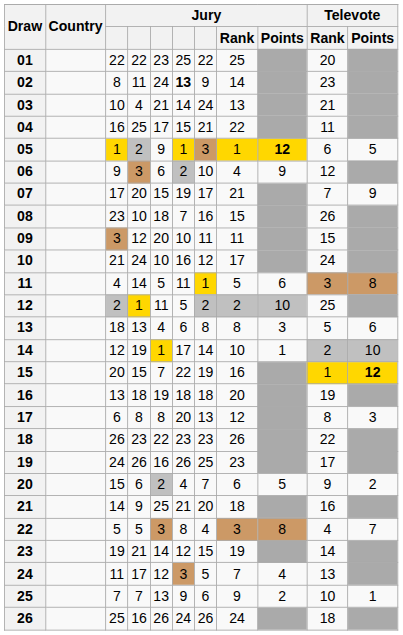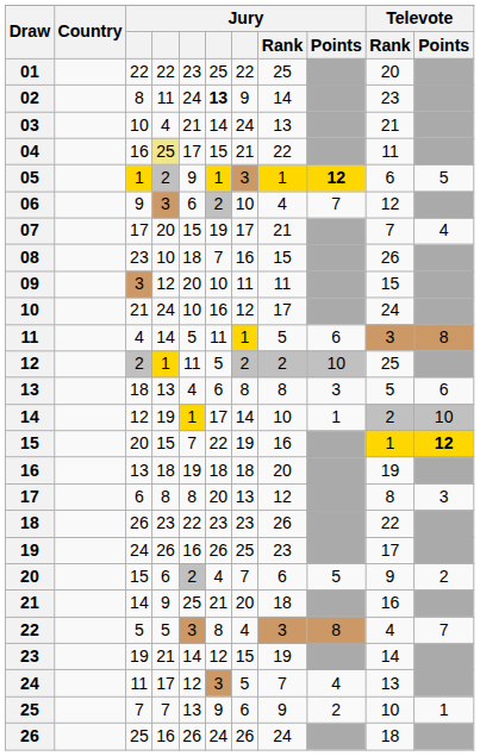 <table class="sortable wikitable collapsible plainrowheaders" style="text-align:center;">
 <tr>
 </tr>
 <tr>
 <th scope="col" rowspan="2">Draw</th>
 <th scope="col" rowspan="2">Country</th>
 <th scope="col" colspan="7">Jury</th>
 <th scope="col" colspan="2">Televote</th>
 </tr>
 <tr>
 <th scope="col"><small></small></th>
 <th scope="col"><small></small></th>
 <th scope="col"><small></small></th>
 <th scope="col"><small></small></th>
 <th scope="col"><small></small></th>
 <th scope="col">Rank</th>
 <th scope="col">Points</th>
 <th scope="col">Rank</th>
 <th scope="col">Points</th>
 </tr>
 <tr>
 <th scope="row" style="text-align:center;">01</th>
 <td style="text-align:left;"></td>
 <td>22</td>
 <td>22</td>
 <td>23</td>
 <td>25</td>
 <td>22</td>
 <td>25</td>
 <td style="background:#AAAAAA;"></td>
 <td>20</td>
 <td style="background:#AAAAAA;"></td>
 </tr>
 <tr>
 <th scope="row" style="text-align:center;">02</th>
 <td style="text-align:left;"></td>
 <td>8</td>
 <td>11</td>
 <td>24</td>
 <td><strong>13</strong></td>
 <td>9</td>
 <td>14</td>
 <td style="background:#AAAAAA;"></td>
 <td>23</td>
 <td style="background:#AAAAAA;"></td>
 </tr>
 <tr>
 <th scope="row" style="text-align:center;">03</th>
 <td style="text-align:left;"></td>
 <td>10</td>
 <td>4</td>
 <td>21</td>
 <td>14</td>
 <td>24</td>
 <td>13</td>
 <td style="background:#AAAAAA;"></td>
 <td>21</td>
 <td style="background:#AAAAAA;"></td>
 </tr>
 <tr>
 <th scope="row" style="text-align:center;">04</th>
 <td style="text-align:left;"></td>
 <td>16</td>
-<td>25</td>
+<td style="background: khaki;">25</td>
 <td>17</td>
 <td>15</td>
 <td>21</td>
 <td>22</td>
 <td style="background:#AAAAAA;"></td>
 <td>11</td>
 <td style="background:#AAAAAA;"></td>
 </tr>
 <tr>
 <th scope="row" style="text-align:center;">05</th>
 <td style="text-align:left;"></td>
 <td style="background:gold;">1</td>
 <td style="background:silver;">2</td>
 <td>9</td>
 <td style="background:gold;">1</td>
 <td style="background:#CC9966;">3</td>
 <td style="background:gold;">1</td>
 <td style="background:gold;"><strong>12</strong></td>
 <td>6</td>
 <td>5</td>
 </tr>
 <tr>
 <th scope="row" style="text-align:center;">06</th>
 <td style="text-align:left;"></td>
 <td>9</td>
 <td style="background:#CC9966;">3</td>
 <td>6</td>
 <td style="background:silver;">2</td>
 <td>10</td>
 <td>4</td>
-<td>9</td>
+<td>7</td>
 <td>12</td>
 <td style="background:#AAAAAA;"></td>
 </tr>
 <tr>
 <th scope="row" style="text-align:center;">07</th>
 <td style="text-align:left;"></td>
 <td>17</td>
 <td>20</td>
 <td>15</td>
 <td>19</td>
 <td>17</td>
 <td>21</td>
 <td style="background:#AAAAAA;"></td>
 <td>7</td>
-<td>9</td>
+<td>4</td>
 </tr>
 <tr>
 <th scope="row" style="text-align:center;">08</th>
 <td style="text-align:left;"></td>
 <td>23</td>
 <td>10</td>
 <td>18</td>
 <td>7</td>
 <td>16</td>
 <td>15</td>
 <td style="background:#AAAAAA;"></td>
 <td>26</td>
 <td style="background:#AAAAAA;"></td>
 </tr>
 <tr>
 <th scope="row" style="text-align:center;">09</th>
 <td style="text-align:left;"></td>
 <td style="background:#CC9966;">3</td>
 <td>12</td>
 <td>20</td>
 <td>10</td>
 <td>11</td>
 <td>11</td>
 <td style="background:#AAAAAA;"></td>
 <td>15</td>
 <td style="background:#AAAAAA;"></td>
 </tr>
 <tr>
 <th scope="row" style="text-align:center;">10</th>
 <td style="text-align:left;"></td>
 <td>21</td>
 <td>24</td>
 <td>10</td>
 <td>16</td>
 <td>12</td>
 <td>17</td>
 <td style="background:#AAAAAA;"></td>
 <td>24</td>
 <td style="background:#AAAAAA;"></td>
 </tr>
 <tr>
 <th scope="row" style="text-align:center;">11</th>
 <td style="text-align:left;"></td>
 <td>4</td>
 <td>14</td>
 <td>5</td>
 <td>11</td>
 <td style="background:gold;">1</td>
 <td>5</td>
 <td>6</td>
 <td style="background:#CC9966;">3</td>
 <td style="background:#CC9966;">8</td>
 </tr>
 <tr>
 <th scope="row" style="text-align:center;">12</th>
 <td style="text-align:left;"></td>
 <td style="background:silver;">2</td>
 <td style="background:gold;">1</td>
 <td>11</td>
 <td>5</td>
 <td style="background:silver;">2</td>
 <td style="background:silver;">2</td>
 <td style="background:silver;">10</td>
 <td>25</td>
 <td style="background:#AAAAAA;"></td>
 </tr>
 <tr>
 <th scope="row" style="text-align:center;">13</th>
 <td style="text-align:left;"></td>
 <td>18</td>
 <td>13</td>
 <td>4</td>
 <td>6</td>
 <td>8</td>
 <td>8</td>
 <td>3</td>
 <td>5</td>
 <td>6</td>
 </tr>
 <tr>
 <th scope="row" style="text-align:center;">14</th>
 <td style="text-align:left;"></td>
 <td>12</td>
 <td>19</td>
 <td style="background:gold;">1</td>
 <td>17</td>
 <td>14</td>
 <td>10</td>
 <td>1</td>
 <td style="background:silver;">2</td>
 <td style="background:silver;">10</td>
 </tr>
 <tr>
 <th scope="row" style="text-align:center;">15</th>
 <td style="text-align:left;"></td>
 <td>20</td>
 <td>15</td>
 <td>7</td>
 <td>22</td>
 <td>19</td>
 <td>16</td>
 <td style="background:#AAAAAA;"></td>
 <td style="background:gold;">1</td>
 <td style="background:gold;"><strong>12</strong></td>
 </tr>
 <tr>
 <th scope="row" style="text-align:center;">16</th>
 <td style="text-align:left;"></td>
 <td>13</td>
 <td>18</td>
 <td>19</td>
 <td>18</td>
 <td>18</td>
 <td>20</td>
 <td style="background:#AAAAAA;"></td>
 <td>19</td>
 <td style="background:#AAAAAA;"></td>
 </tr>
 <tr>
 <th scope="row" style="text-align:center;">17</th>
 <td style="text-align:left;"></td>
 <td>6</td>
 <td>8</td>
 <td>8</td>
 <td>20</td>
 <td>13</td>
 <td>12</td>
 <td style="background:#AAAAAA;"></td>
 <td>8</td>
 <td>3</td>
 </tr>
 <tr>
 <th scope="row" style="text-align:center;">18</th>
 <td style="text-align:left;"></td>
 <td>26</td>
 <td>23</td>
 <td>22</td>
 <td>23</td>
 <td>23</td>
 <td>26</td>
 <td style="background:#AAAAAA;"></td>
 <td>22</td>
 <td style="background:#AAAAAA;"></td>
 </tr>
 <tr>
 <th scope="row" style="text-align:center;">19</th>
 <td style="text-align:left;"></td>
 <td>24</td>
 <td>26</td>
 <td>16</td>
 <td>26</td>
 <td>25</td>
 <td>23</td>
 <td style="background:#AAAAAA;"></td>
 <td>17</td>
 <td style="background:#AAAAAA;"></td>
 </tr>
 <tr>
 <th scope="row" style="text-align:center;">20</th>
 <td style="text-align:left;"></td>
 <td>15</td>
 <td>6</td>
 <td style="background:silver;">2</td>
 <td>4</td>
 <td>7</td>
 <td>6</td>
 <td>5</td>
 <td>9</td>
 <td>2</td>
 </tr>
 <tr>
 <th scope="row" style="text-align:center;">21</th>
 <td style="text-align:left;"></td>
 <td>14</td>
 <td>9</td>
 <td>25</td>
 <td>21</td>
 <td>20</td>
 <td>18</td>
 <td style="background:#AAAAAA;"></td>
 <td>16</td>
 <td style="background:#AAAAAA;"></td>
 </tr>
 <tr>
 <th scope="row" style="text-align:center;">22</th>
 <td style="text-align:left;"></td>
 <td>5</td>
 <td>5</td>
 <td style="background:#CC9966;">3</td>
 <td>8</td>
 <td>4</td>
 <td style="background:#CC9966;">3</td>
 <td style="background:#CC9966;">8</td>
 <td>4</td>
 <td>7</td>
 </tr>
 <tr>
 <th scope="row" style="text-align:center;">23</th>
 <td style="text-align:left;"></td>
 <td>19</td>
 <td>21</td>
 <td>14</td>
 <td>12</td>
 <td>15</td>
 <td>19</td>
 <td style="background:#AAAAAA;"></td>
 <td>14</td>
 <td style="background:#AAAAAA;"></td>
 </tr>
 <tr>
 <th scope="row" style="text-align:center;">24</th>
 <td style="text-align:left;"></td>
 <td>11</td>
 <td>17</td>
 <td>12</td>
 <td style="background:#CC9966;">3</td>
 <td>5</td>
 <td>7</td>
 <td>4</td>
 <td>13</td>
 <td style="background:#AAAAAA;"></td>
 </tr>
 <tr>
 <th scope="row" style="text-align:center;">25</th>
 <td style="text-align:left;"></td>
 <td>7</td>
 <td>7</td>
 <td>13</td>
 <td>9</td>
 <td>6</td>
 <td>9</td>
 <td>2</td>
 <td>10</td>
 <td>1</td>
 </tr>
 <tr>
 <th scope="row" style="text-align:center;">26</th>
 <td style="text-align:left;"></td>
 <td>25</td>
 <td>16</td>
 <td>26</td>
 <td>24</td>
 <td>26</td>
 <td>24</td>
 <td style="background:#AAAAAA;"></td>
 <td>18</td>
 <td style="background:#AAAAAA;"></td>
 </tr>
 </table>
